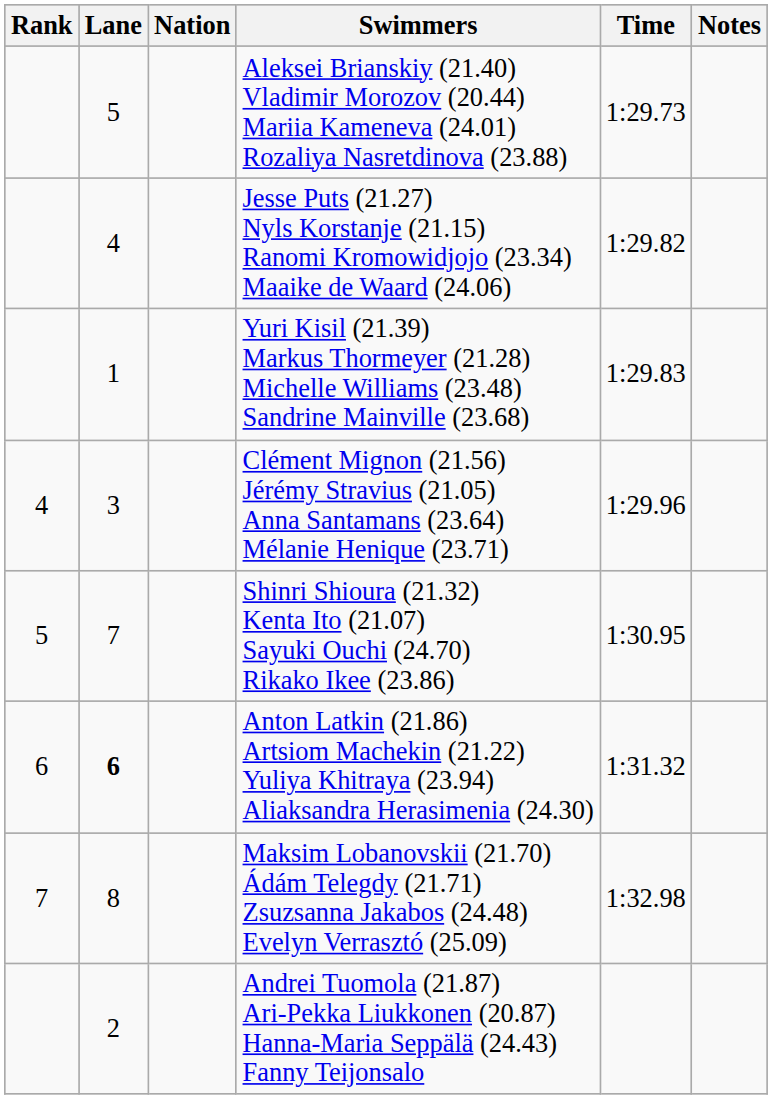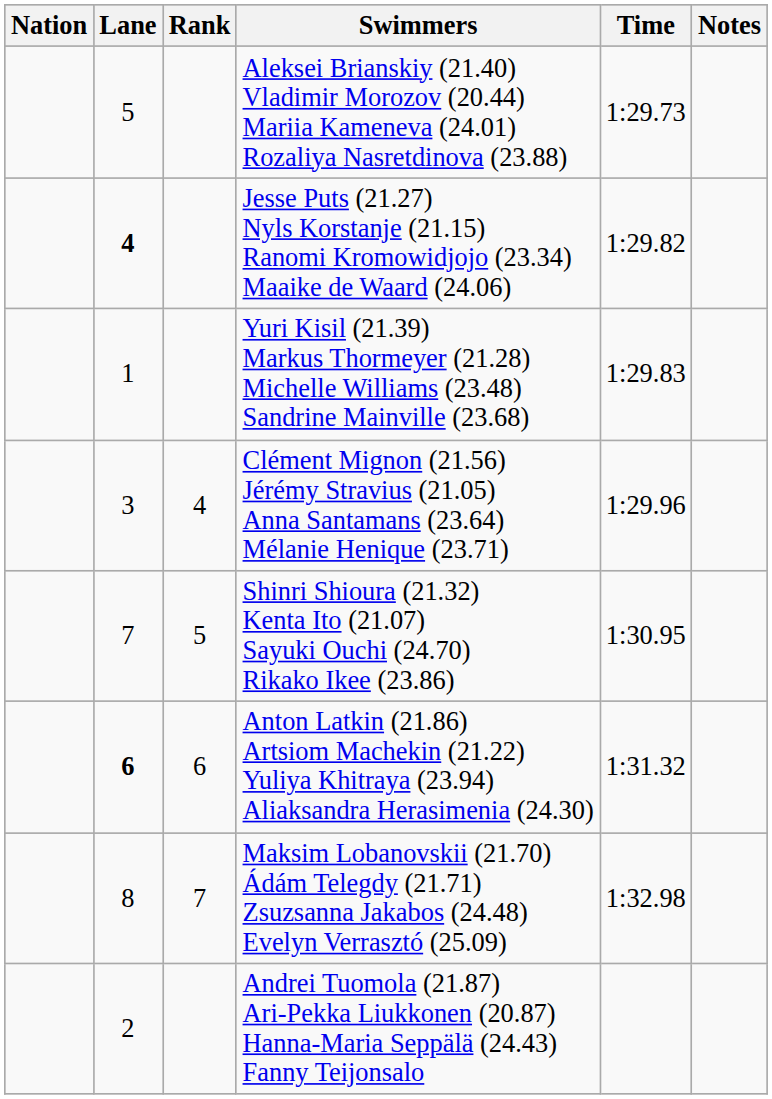 <table class="wikitable sortable" style="text-align:center">
 <tr>
+<th>Nation</th>
+<th>Lane</th>
 <th>Rank</th>
-<th>Lane</th>
-<th>Nation</th>
 <th>Swimmers</th>
 <th>Time</th>
 <th>Notes</th>
 </tr>
 <tr>
+<td align=left></td>
+<td>5</td>
 <td></td>
-<td>5</td>
-<td align=left></td>
 <td align=left><a href='#'>Aleksei Brianskiy</a> (21.40)<br><a href='#'>Vladimir Morozov</a> (20.44)<br><a href='#'>Mariia Kameneva</a> (24.01)<br><a href='#'>Rozaliya Nasretdinova</a> (23.88)</td>
 <td>1:29.73</td>
 <td></td>
 </tr>
 <tr>
+<td align=left></td>
+<td><strong>4</strong></td>
 <td></td>
-<td>4</td>
-<td align=left></td>
 <td align=left><a href='#'>Jesse Puts</a> (21.27)<br><a href='#'>Nyls Korstanje</a> (21.15)<br><a href='#'>Ranomi Kromowidjojo</a> (23.34)<br><a href='#'>Maaike de Waard</a> (24.06)</td>
 <td>1:29.82</td>
 <td></td>
 </tr>
 <tr>
+<td align=left></td>
+<td>1</td>
 <td></td>
-<td>1</td>
-<td align=left></td>
 <td align=left><a href='#'>Yuri Kisil</a> (21.39)<br><a href='#'>Markus Thormeyer</a> (21.28)<br><a href='#'>Michelle Williams</a> (23.48)<br><a href='#'>Sandrine Mainville</a> (23.68)</td>
 <td>1:29.83</td>
 <td></td>
 </tr>
 <tr>
+<td align=left></td>
+<td>3</td>
 <td>4</td>
-<td>3</td>
-<td align=left></td>
 <td align=left><a href='#'>Clément Mignon</a> (21.56)<br><a href='#'>Jérémy Stravius</a> (21.05)<br><a href='#'>Anna Santamans</a> (23.64)<br><a href='#'>Mélanie Henique</a> (23.71)</td>
 <td>1:29.96</td>
 <td></td>
 </tr>
 <tr>
+<td align=left></td>
+<td>7</td>
 <td>5</td>
-<td>7</td>
-<td align=left></td>
 <td align=left><a href='#'>Shinri Shioura</a> (21.32)<br><a href='#'>Kenta Ito</a> (21.07)<br><a href='#'>Sayuki Ouchi</a> (24.70)<br><a href='#'>Rikako Ikee</a> (23.86)</td>
 <td>1:30.95</td>
 <td></td>
 </tr>
 <tr>
+<td align=left></td>
+<td><strong>6</strong></td>
 <td>6</td>
-<td><strong>6</strong></td>
-<td align=left></td>
 <td align=left><a href='#'>Anton Latkin</a> (21.86)<br><a href='#'>Artsiom Machekin</a> (21.22)<br><a href='#'>Yuliya Khitraya</a> (23.94)<br><a href='#'>Aliaksandra Herasimenia</a> (24.30)</td>
 <td>1:31.32</td>
 <td></td>
 </tr>
 <tr>
+<td align=left></td>
+<td>8</td>
 <td>7</td>
-<td>8</td>
-<td align=left></td>
 <td align=left><a href='#'>Maksim Lobanovskii</a> (21.70)<br><a href='#'>Ádám Telegdy</a> (21.71)<br><a href='#'>Zsuzsanna Jakabos</a> (24.48)<br><a href='#'>Evelyn Verrasztó</a> (25.09)</td>
 <td>1:32.98</td>
 <td></td>
 </tr>
 <tr>
+<td align=left></td>
+<td>2</td>
 <td></td>
-<td>2</td>
-<td align=left></td>
 <td align=left><a href='#'>Andrei Tuomola</a> (21.87)<br><a href='#'>Ari-Pekka Liukkonen</a> (20.87)<br><a href='#'>Hanna-Maria Seppälä</a> (24.43)<br><a href='#'>Fanny Teijonsalo</a></td>
 <td></td>
 <td></td>
 </tr>
 </table>
